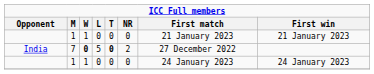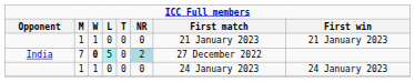 <table class="wikitable" style="text-align: center; width: 600px">
 <tr>
 <td colspan="30" style="text-align: center;"><strong><a href='#'>ICC Full members</a></strong></td>
 </tr>
 <tr>
 <th>Opponent</th>
 <th>M</th>
 <th>W</th>
 <th>L</th>
 <th>T</th>
 <th>NR</th>
 <th>First match</th>
 <th>First win</th>
 </tr>
 <tr>
 <td></td>
 <td>1</td>
 <td>1</td>
 <td>0</td>
 <td>0</td>
 <td>0</td>
 <td>21 January 2023</td>
 <td>21 January 2023</td>
 </tr>
 <tr>
 <td> <a href='#'>India</a></td>
 <td>7</td>
 <td><strong>0</strong></td>
-<td>5</td>
-<td><strong>0</strong></td>
-<td>2</td>
+<td style="background: paleturquoise;">5</td>
+<td>0</td>
+<td style="background: lightblue;">2</td>
 <td>27 December 2022</td>
 <td></td>
 </tr>
 <tr>
 <td></td>
 <td>1</td>
 <td>1</td>
 <td>0</td>
 <td>0</td>
 <td>0</td>
 <td>24 January 2023</td>
 <td>24 January 2023</td>
 </tr>
 <tr>
 </tr>
 </table>
